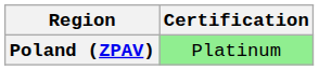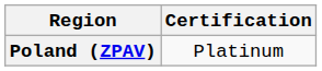 <table class="wikitable plainrowheaders" style="text-align:center">
 <tr>
 <th scope="col">Region</th>
 <th scope="col">Certification</th>
 </tr>
 <tr>
 <th scope="row">Poland (<a href='#'>ZPAV</a>)</th>
-<td style="background: lightgreen;">Platinum</td>
+<td>Platinum</td>
 </tr>
 </table>
